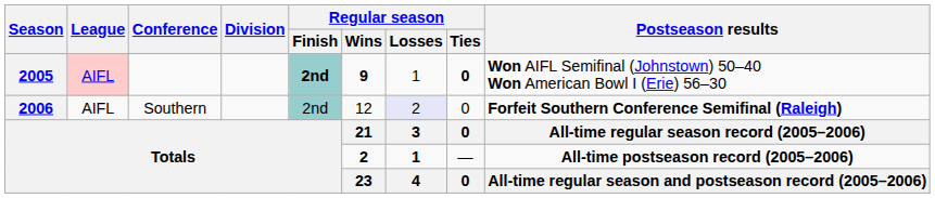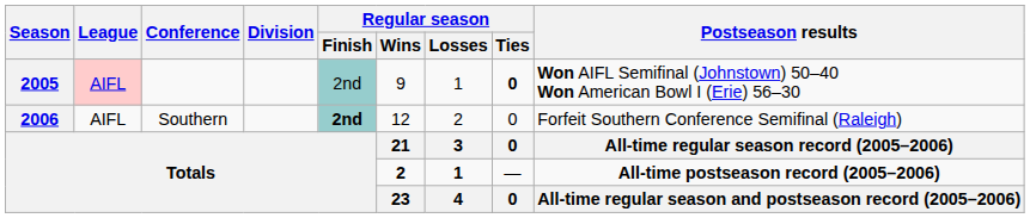 <table class="wikitable" style="text-align:center; font-size: 95%;">
 <tr>
 <th rowspan="2"><a href='#'>Season</a></th>
 <th rowspan="2"><a href='#'>League</a></th>
 <th rowspan="2"><a href='#'>Conference</a></th>
 <th rowspan="2"><a href='#'>Division</a></th>
 <th colspan="4"><a href='#'>Regular season</a></th>
 <th rowspan="2"><a href='#'>Postseason</a> results</th>
 </tr>
 <tr>
 <th>Finish</th>
 <th>Wins</th>
 <th>Losses</th>
 <th>Ties</th>
 </tr>
 <tr>
 <th><a href='#'>2005</a></th>
 <td bgcolor=#fcc><a href='#'>AIFL</a></td>
 <td></td>
 <td></td>
-<td bgcolor=#96cdcd><strong>2nd</strong></td>
-<td><strong>9</strong></td>
+<td bgcolor=#96cdcd>2nd</td>
+<td>9</td>
 <td>1</td>
 <td><strong>0</strong></td>
 <td align=left><strong>Won</strong> AIFL Semifinal (<a href='#'>Johnstown</a>) 50–40<br><strong>Won</strong> American Bowl I (<a href='#'>Erie</a>) 56–30</td>
 </tr>
 <tr>
 <th><a href='#'>2006</a></th>
 <td>AIFL</td>
 <td>Southern</td>
 <td></td>
-<td bgcolor=#96cdcd>2nd</td>
+<td bgcolor=#96cdcd><strong>2nd</strong></td>
 <td>12</td>
-<td style="background: lavender;">2</td>
+<td>2</td>
 <td>0</td>
-<td align=left><strong>Forfeit Southern Conference Semifinal (<a href='#'>Raleigh</a>)</strong></td>
+<td align=left>Forfeit Southern Conference Semifinal (<a href='#'>Raleigh</a>)</td>
 </tr>
 <tr>
 <th rowspan="3" colspan="5">Totals</th>
 <th>21</th>
 <th>3</th>
 <th>0</th>
 <th colspan="3">All-time regular season record (2005–2006)</th>
 </tr>
 <tr>
 <td><strong>2</strong></td>
 <td><strong>1</strong></td>
 <td>—</td>
 <td colspan="3"><strong>All-time postseason record (2005–2006)</strong></td>
 </tr>
 <tr>
 <th>23</th>
 <th>4</th>
 <th>0</th>
 <th colspan="3">All-time regular season and postseason record (2005–2006)</th>
 </tr>
 </table>
